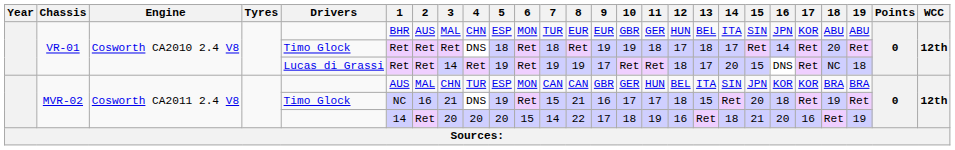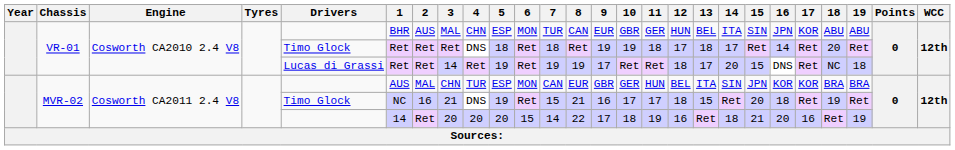 <table class="wikitable" style="text-align:center; font-size:85%;">
 <tr>
 <th>Year</th>
 <th>Chassis</th>
 <th>Engine</th>
 <th>Tyres</th>
 <th>Drivers</th>
 <th>1</th>
 <th>2</th>
 <th>3</th>
 <th>4</th>
 <th>5</th>
 <th>6</th>
 <th>7</th>
 <th>8</th>
 <th>9</th>
 <th>10</th>
 <th>11</th>
 <th>12</th>
 <th>13</th>
 <th>14</th>
 <th>15</th>
 <th>16</th>
 <th>17</th>
 <th>18</th>
 <th>19</th>
 <th>Points</th>
 <th>WCC</th>
 </tr>
 <tr>
 <th rowspan="3"></th>
 <td rowspan="3"><a href='#'>VR-01</a></td>
 <td rowspan="3"><a href='#'>Cosworth</a> CA2010 2.4 <a href='#'>V8</a></td>
 <td rowspan="3"></td>
 <td></td>
 <td><a href='#'>BHR</a></td>
 <td><a href='#'>AUS</a></td>
 <td><a href='#'>MAL</a></td>
 <td><a href='#'>CHN</a></td>
 <td><a href='#'>ESP</a></td>
 <td><a href='#'>MON</a></td>
 <td><a href='#'>TUR</a></td>
-<td><a href='#'>EUR</a></td>
+<td><a href='#'>CAN</a></td>
 <td><a href='#'>EUR</a></td>
 <td><a href='#'>GBR</a></td>
 <td><a href='#'>GER</a></td>
 <td><a href='#'>HUN</a></td>
 <td><a href='#'>BEL</a></td>
 <td><a href='#'>ITA</a></td>
 <td><a href='#'>SIN</a></td>
 <td><a href='#'>JPN</a></td>
 <td><a href='#'>KOR</a></td>
 <td><a href='#'>ABU</a></td>
 <td><a href='#'>ABU</a></td>
 <th rowspan="3">0</th>
 <th rowspan="3">12th</th>
 </tr>
 <tr>
 <td align="left"> <a href='#'>Timo Glock</a></td>
 <td style="background:#EFCFFF;">Ret</td>
 <td style="background:#EFCFFF;">Ret</td>
 <td style="background:#EFCFFF;">Ret</td>
 <td style="background:#FFFFFF;">DNS</td>
 <td style="background:#CFCFFF;">18</td>
 <td style="background:#EFCFFF;">Ret</td>
 <td style="background:#CFCFFF;">18</td>
 <td style="background:#EFCFFF;">Ret</td>
 <td style="background:#CFCFFF;">19</td>
 <td style="background:#CFCFFF;">19</td>
 <td style="background:#CFCFFF;">18</td>
 <td style="background:#CFCFFF;">17</td>
 <td style="background:#CFCFFF;">18</td>
 <td style="background:#CFCFFF;">17</td>
 <td style="background:#EFCFFF;">Ret</td>
 <td style="background:#CFCFFF;">14</td>
 <td style="background:#EFCFFF;">Ret</td>
 <td style="background:#CFCFFF;">20</td>
 <td style="background:#EFCFFF;">Ret</td>
 </tr>
 <tr>
 <td align="left"> <a href='#'>Lucas di Grassi</a></td>
 <td style="background:#EFCFFF;">Ret</td>
 <td style="background:#EFCFFF;">Ret</td>
 <td style="background:#CFCFFF;">14</td>
 <td style="background:#EFCFFF;">Ret</td>
 <td style="background:#CFCFFF;">19</td>
 <td style="background:#EFCFFF;">Ret</td>
 <td style="background:#CFCFFF;">19</td>
 <td style="background:#CFCFFF;">19</td>
 <td style="background:#CFCFFF;">17</td>
 <td style="background:#EFCFFF;">Ret</td>
 <td style="background:#EFCFFF;">Ret</td>
 <td style="background:#CFCFFF;">18</td>
 <td style="background:#CFCFFF;">17</td>
 <td style="background:#CFCFFF;">20</td>
 <td style="background:#CFCFFF;">15</td>
 <td style="background:#FFFFFF;">DNS</td>
 <td style="background:#EFCFFF;">Ret</td>
 <td style="background:#CFCFFF;">NC</td>
 <td style="background:#CFCFFF;">18</td>
 </tr>
 <tr>
 <th rowspan="3"></th>
 <td rowspan="3"><a href='#'>MVR-02</a></td>
 <td rowspan="3"><a href='#'>Cosworth</a> CA2011 2.4 <a href='#'>V8</a></td>
 <td rowspan="3"></td>
 <td></td>
 <td><a href='#'>AUS</a></td>
 <td><a href='#'>MAL</a></td>
 <td><a href='#'>CHN</a></td>
 <td><a href='#'>TUR</a></td>
 <td><a href='#'>ESP</a></td>
 <td><a href='#'>MON</a></td>
 <td><a href='#'>CAN</a></td>
-<td><a href='#'>CAN</a></td>
+<td><a href='#'>EUR</a></td>
 <td><a href='#'>GBR</a></td>
 <td><a href='#'>GER</a></td>
 <td><a href='#'>HUN</a></td>
 <td><a href='#'>BEL</a></td>
 <td><a href='#'>ITA</a></td>
 <td><a href='#'>SIN</a></td>
 <td><a href='#'>JPN</a></td>
 <td><a href='#'>KOR</a></td>
 <td><a href='#'>KOR</a></td>
 <td><a href='#'>BRA</a></td>
 <td><a href='#'>BRA</a></td>
 <th rowspan="3">0</th>
 <th rowspan="3">12th</th>
 </tr>
 <tr>
 <td align="left"> <a href='#'>Timo Glock</a></td>
 <td style="background:#CFCFFF;">NC</td>
 <td style="background:#CFCFFF;">16</td>
 <td style="background:#CFCFFF;">21</td>
 <td style="background:#FFFFFF;">DNS</td>
 <td style="background:#CFCFFF;">19</td>
 <td style="background:#EFCFFF;">Ret</td>
 <td style="background:#CFCFFF;">15</td>
 <td style="background:#CFCFFF;">21</td>
 <td style="background:#CFCFFF;">16</td>
 <td style="background:#CFCFFF;">17</td>
 <td style="background:#CFCFFF;">17</td>
 <td style="background:#CFCFFF;">18</td>
 <td style="background:#CFCFFF;">15</td>
 <td style="background:#EFCFFF;">Ret</td>
 <td style="background:#CFCFFF;">20</td>
 <td style="background:#CFCFFF;">18</td>
 <td style="background:#EFCFFF;">Ret</td>
 <td style="background:#CFCFFF;">19</td>
 <td style="background:#EFCFFF;">Ret</td>
 </tr>
 <tr>
 <td align="left"></td>
 <td style="background:#cfcfff;">14</td>
 <td style="background:#EFCFFF;">Ret</td>
 <td style="background:#CFCFFF;">20</td>
 <td style="background:#CFCFFF;">20</td>
 <td style="background:#CFCFFF;">20</td>
 <td style="background:#CFCFFF;">15</td>
 <td style="background:#CFCFFF;">14</td>
 <td style="background:#CFCFFF;">22</td>
 <td style="background:#CFCFFF;">17</td>
 <td style="background:#CFCFFF;">18</td>
 <td style="background:#CFCFFF;">19</td>
 <td style="background:#CFCFFF;">16</td>
 <td style="background:#EFCFFF;">Ret</td>
 <td style="background:#CFCFFF;">18</td>
 <td style="background:#CFCFFF;">21</td>
 <td style="background:#CFCFFF;">20</td>
 <td style="background:#CFCFFF;">16</td>
 <td style="background:#EFCFFF;">Ret</td>
 <td style="background:#CFCFFF;">19</td>
 </tr>
 <tr>
 <th colspan="26">Sources:</th>
 </tr>
 </table>
